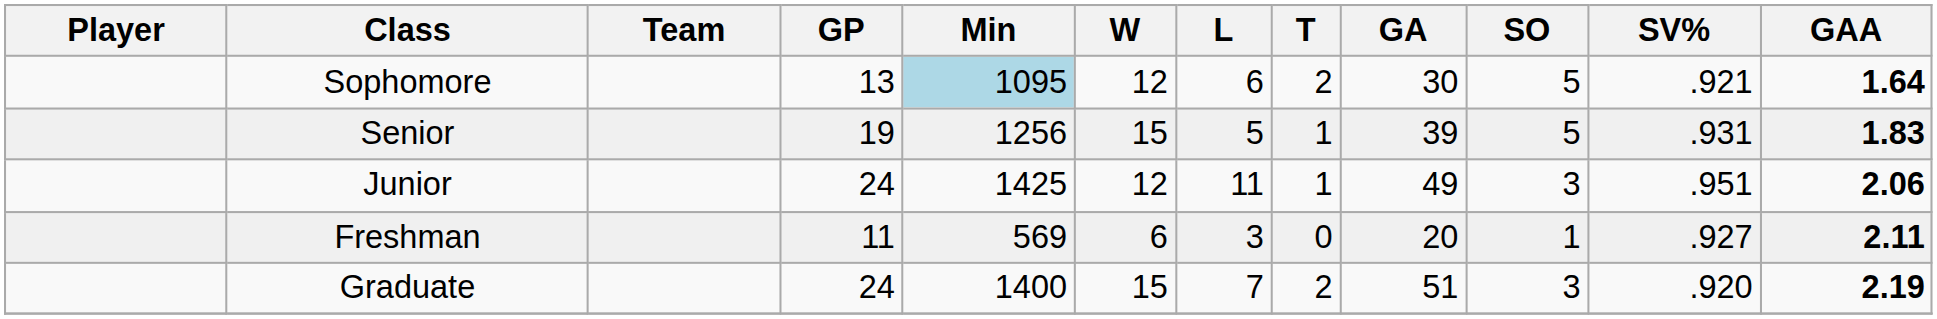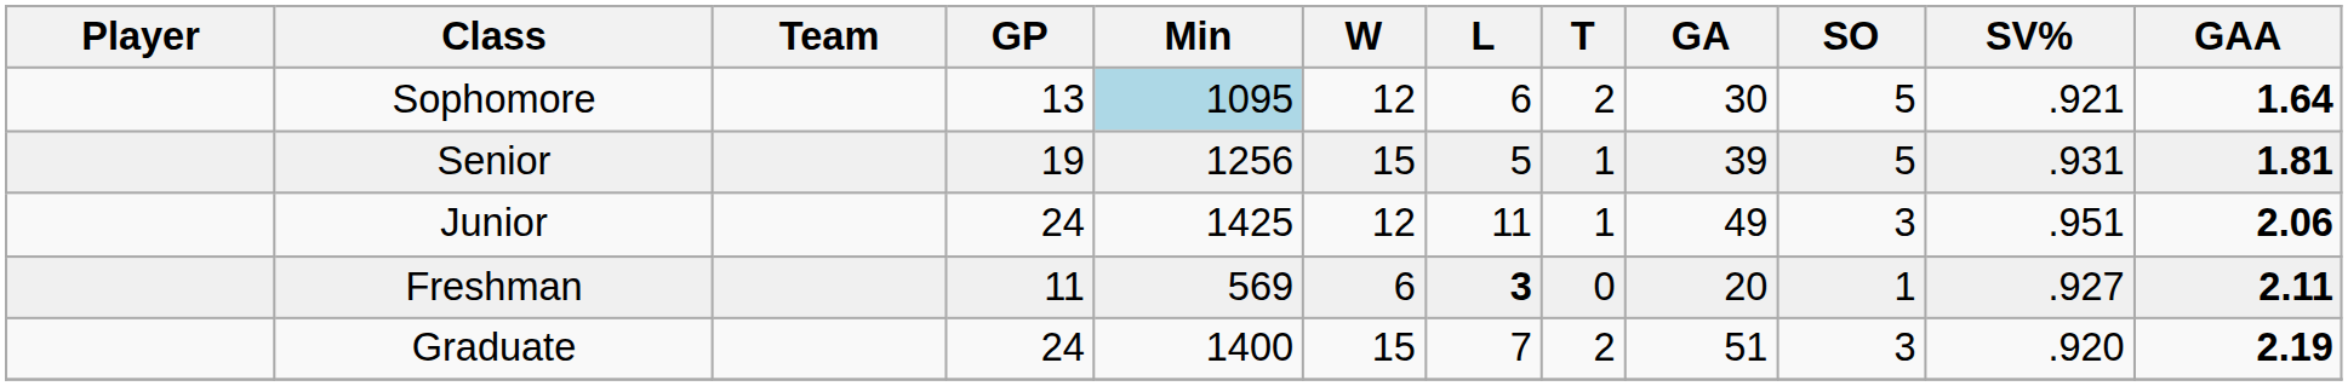 <table class="wikitable sortable" style="text-align: center; "width=60%">
 <tr>
 <th>Player</th>
 <th>Class</th>
 <th>Team</th>
 <th>GP</th>
 <th>Min</th>
 <th>W</th>
 <th>L</th>
 <th>T</th>
 <th>GA</th>
 <th>SO</th>
 <th>SV%</th>
 <th>GAA</th>
 </tr>
 <tr>
 <td style="text-align: left"></td>
 <td>Sophomore</td>
 <td><strong><a href='#'></a></strong></td>
 <td style="text-align: right">13</td>
 <td style="background: lightblue; text-align: right">1095</td>
 <td style="text-align: right">12</td>
 <td style="text-align: right">6</td>
 <td style="text-align: right">2</td>
 <td style="text-align: right">30</td>
 <td style="text-align: right">5</td>
 <td style="text-align: right">.921</td>
 <td style="text-align: right"><strong>1.64</strong></td>
 </tr>
 <tr bgcolor=f0f0f0>
 <td style="text-align: left"></td>
 <td>Senior</td>
 <td><strong><a href='#'></a></strong></td>
 <td style="text-align: right">19</td>
 <td style="text-align: right">1256</td>
 <td style="text-align: right">15</td>
 <td style="text-align: right">5</td>
 <td style="text-align: right">1</td>
 <td style="text-align: right">39</td>
 <td style="text-align: right">5</td>
 <td style="text-align: right">.931</td>
-<td style="text-align: right"><strong>1.83</strong></td>
+<td style="text-align: right"><strong>1.81</strong></td>
 </tr>
 <tr>
 <td style="text-align: left"></td>
 <td>Junior</td>
 <td><strong><a href='#'></a></strong></td>
 <td style="text-align: right">24</td>
 <td style="text-align: right">1425</td>
 <td style="text-align: right">12</td>
 <td style="text-align: right">11</td>
 <td style="text-align: right">1</td>
 <td style="text-align: right">49</td>
 <td style="text-align: right">3</td>
 <td style="text-align: right">.951</td>
 <td style="text-align: right"><strong>2.06</strong></td>
 </tr>
 <tr bgcolor=f0f0f0>
 <td style="text-align: left"></td>
 <td>Freshman</td>
 <td><strong><a href='#'></a></strong></td>
 <td style="text-align: right">11</td>
 <td style="text-align: right">569</td>
 <td style="text-align: right">6</td>
-<td style="text-align: right">3</td>
+<td style="text-align: right"><strong>3</strong></td>
 <td style="text-align: right">0</td>
 <td style="text-align: right">20</td>
 <td style="text-align: right">1</td>
 <td style="text-align: right">.927</td>
 <td style="text-align: right"><strong>2.11</strong></td>
 </tr>
 <tr>
 <td style="text-align: left"></td>
 <td>Graduate</td>
 <td><strong><a href='#'></a></strong></td>
 <td style="text-align: right">24</td>
 <td style="text-align: right">1400</td>
 <td style="text-align: right">15</td>
 <td style="text-align: right">7</td>
 <td style="text-align: right">2</td>
 <td style="text-align: right">51</td>
 <td style="text-align: right">3</td>
 <td style="text-align: right">.920</td>
 <td style="text-align: right"><strong>2.19</strong></td>
 </tr>
 <tr>
 </tr>
 </table>
